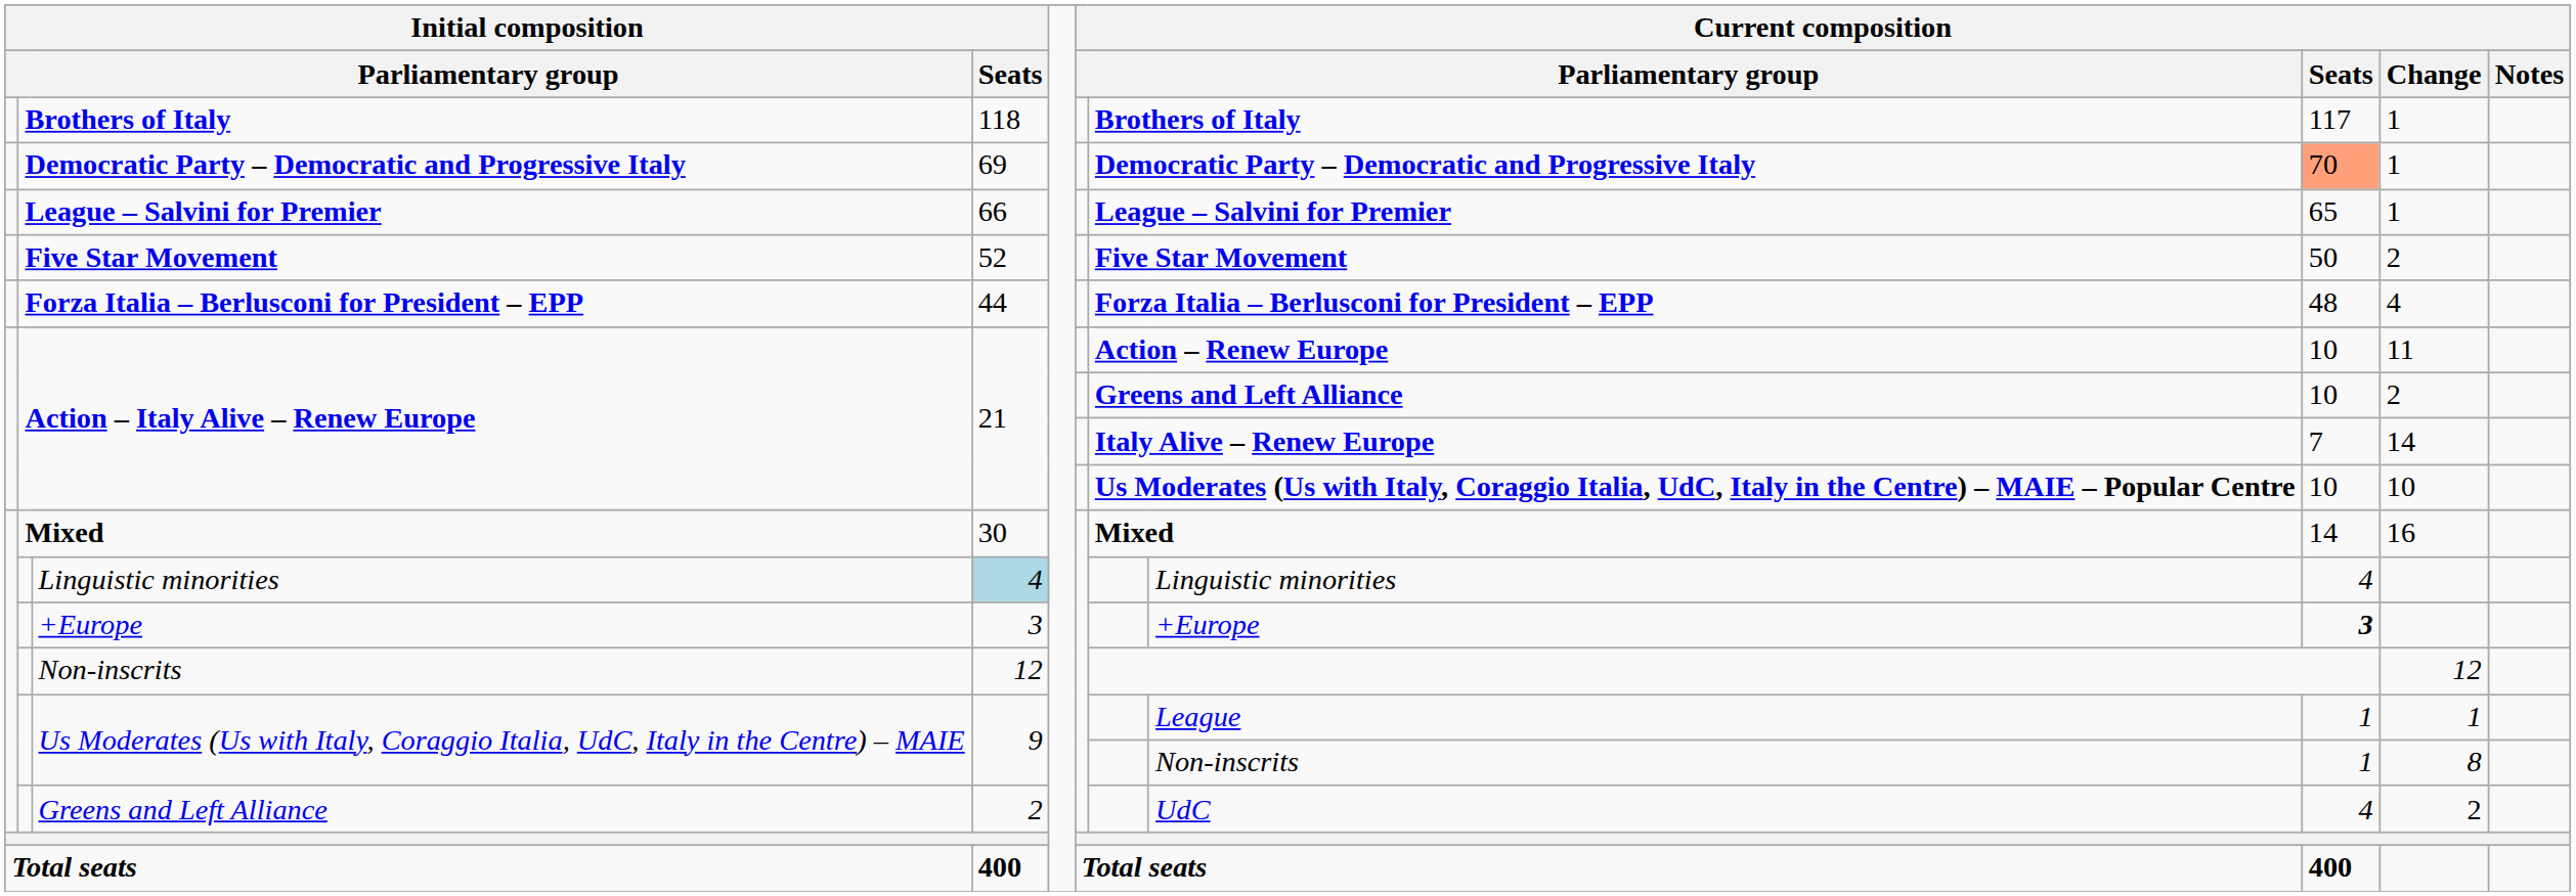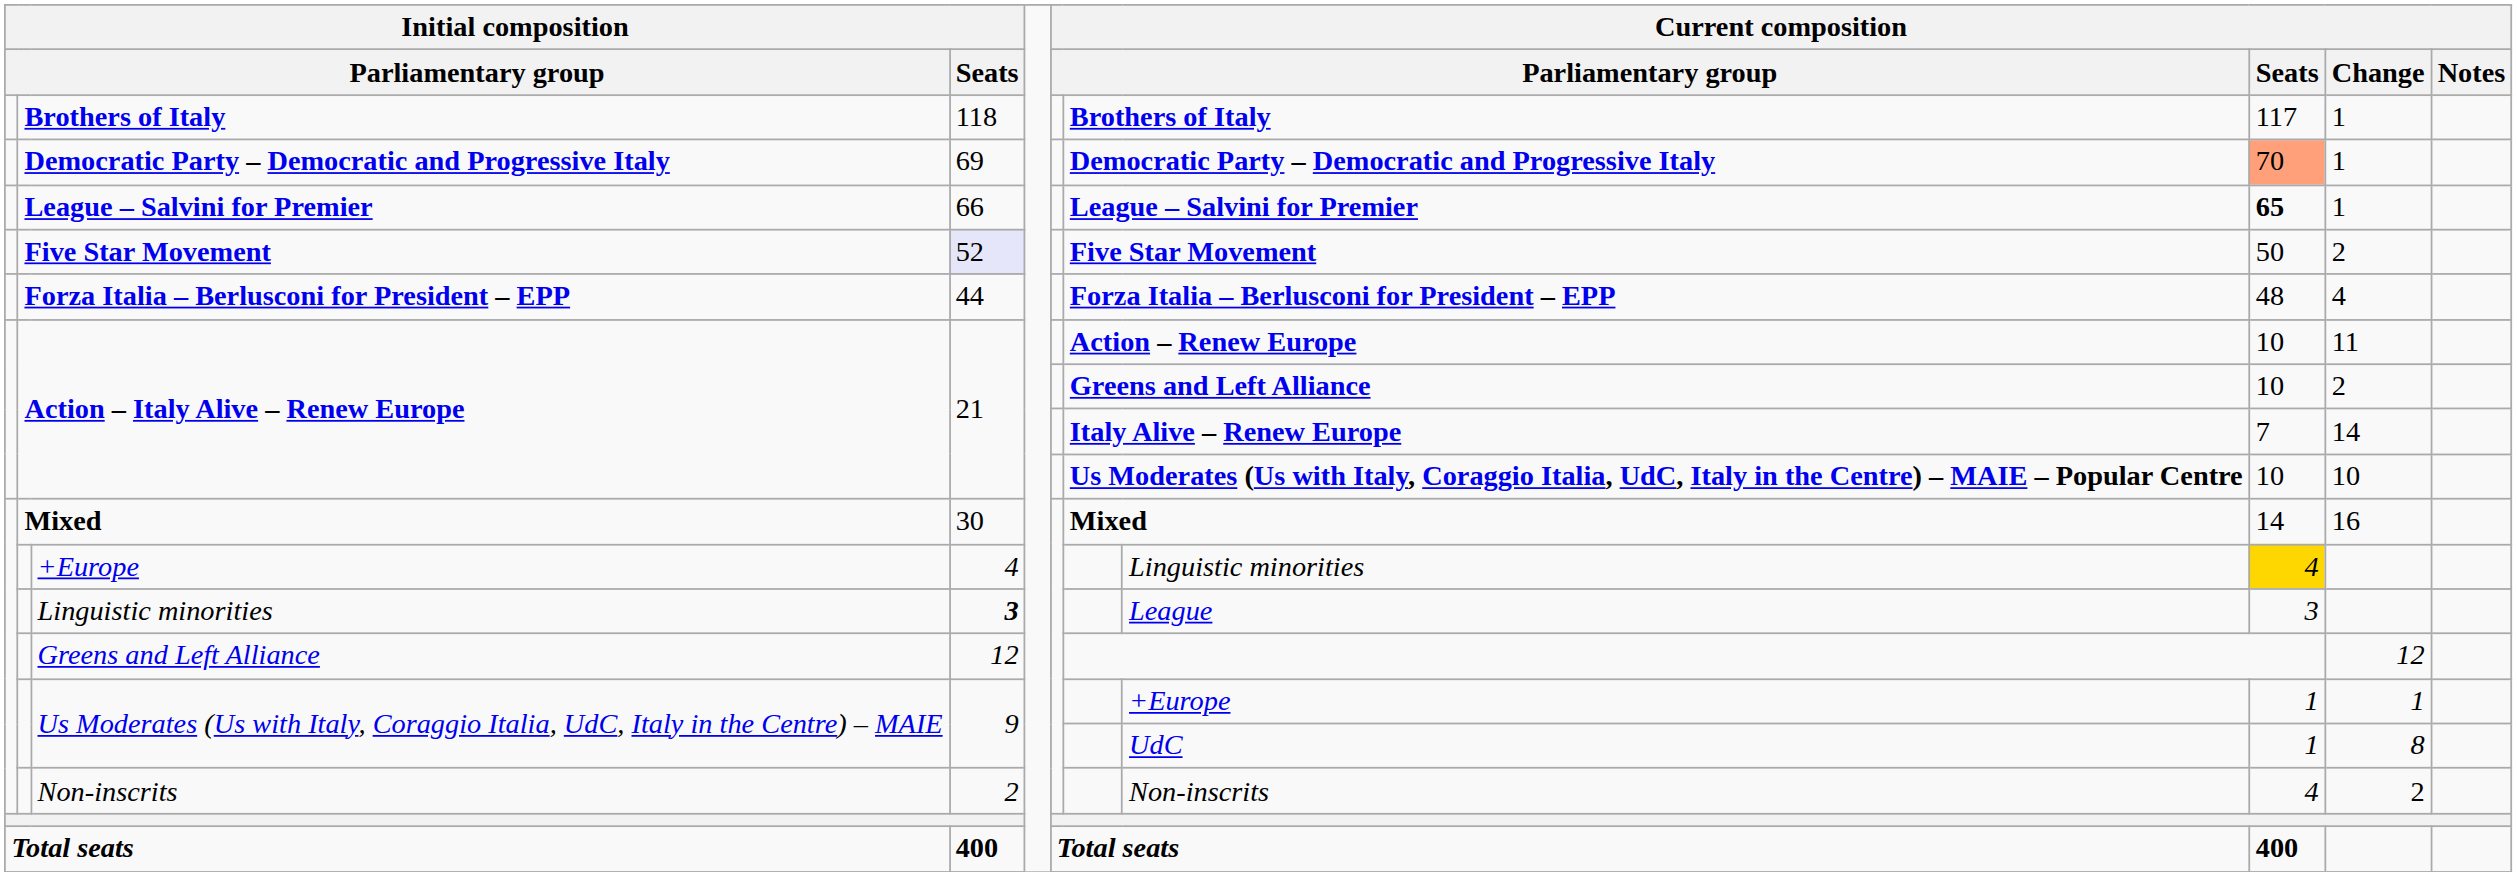 <table class="wikitable">
 <tr>
 <th colspan="4">Initial composition</th>
 <td rowspan="21" style="width: 1%;"></td>
 <th colspan="7">Current composition</th>
 </tr>
 <tr>
 <th colspan="3">Parliamentary group</th>
 <th>Seats</th>
 <th colspan="3">Parliamentary group</th>
 <th>Seats</th>
 <th>Change</th>
 <th>Notes</th>
 </tr>
 <tr>
 <td></td>
 <td colspan = "2"><strong><a href='#'>Brothers of Italy</a></strong></td>
 <td>118</td>
 <td></td>
 <td colspan = "2"><strong><a href='#'>Brothers of Italy</a></strong></td>
 <td>117</td>
 <td> 1</td>
 <td></td>
 </tr>
 <tr>
 <td></td>
 <td colspan = "2"><strong><a href='#'>Democratic Party</a> – <a href='#'>Democratic and Progressive Italy</a></strong></td>
 <td>69</td>
 <td></td>
 <td colspan = "2"><strong><a href='#'>Democratic Party</a> – <a href='#'>Democratic and Progressive Italy</a></strong></td>
 <td style="background: lightsalmon;">70</td>
 <td> 1</td>
 <td></td>
 </tr>
 <tr>
 <td></td>
 <td colspan = "2"><strong><a href='#'>League – Salvini for Premier</a></strong></td>
 <td>66</td>
 <td></td>
 <td colspan = "2"><strong><a href='#'>League – Salvini for Premier</a></strong></td>
-<td>65</td>
+<td><strong>65</strong></td>
 <td> 1</td>
 <td></td>
 </tr>
 <tr>
 <td></td>
 <td colspan = "2"><strong><a href='#'>Five Star Movement</a></strong></td>
-<td>52</td>
+<td style="background: lavender;">52</td>
 <td></td>
 <td colspan = "2"><strong><a href='#'>Five Star Movement</a></strong></td>
 <td>50</td>
 <td> 2</td>
 <td></td>
 </tr>
 <tr>
 <td></td>
 <td colspan = "2"><strong><a href='#'>Forza Italia – Berlusconi for President</a> – <a href='#'>EPP</a></strong></td>
 <td>44</td>
 <td></td>
 <td colspan = "2"><strong><a href='#'>Forza Italia – Berlusconi for President</a> – <a href='#'>EPP</a></strong></td>
 <td>48</td>
 <td> 4</td>
 <td></td>
 </tr>
 <tr>
 <td rowspan="4"></td>
 <td rowspan="4" colspan = "2"><strong><a href='#'>Action</a> – <a href='#'>Italy Alive</a> – <a href='#'>Renew Europe</a></strong></td>
 <td rowspan="4">21</td>
 <td></td>
 <td colspan = "2"><strong><a href='#'>Action</a> – <a href='#'>Renew Europe</a></strong></td>
 <td>10</td>
 <td> 11</td>
 <td></td>
 </tr>
 <tr>
 <td></td>
 <td colspan = "2"><strong><a href='#'>Greens and Left Alliance</a></strong></td>
 <td>10</td>
 <td> 2</td>
 <td></td>
 </tr>
 <tr>
 <td></td>
 <td colspan = "2"><strong><a href='#'>Italy Alive</a> – <a href='#'>Renew Europe</a></strong></td>
 <td>7</td>
 <td> 14</td>
 <td></td>
 </tr>
 <tr>
 <td></td>
 <td colspan = "2"><strong><a href='#'>Us Moderates</a> (<a href='#'>Us with Italy</a>, <a href='#'>Coraggio Italia</a>, <a href='#'>UdC</a>, <a href='#'>Italy in the Centre</a>) – <a href='#'>MAIE</a> – Popular Centre</strong></td>
 <td>10</td>
 <td> 10</td>
 <td></td>
 </tr>
 <tr>
 <td rowspan=7></td>
 <td colspan = "2"><strong>Mixed</strong></td>
 <td>30</td>
 <td rowspan=7></td>
 <td colspan = "2"><strong>Mixed</strong></td>
 <td>14</td>
 <td> 16</td>
 <td></td>
 </tr>
 <tr>
 <td></td>
-<td><em>Linguistic minorities</em></td>
-<td align="right" style="background: lightblue;"><em>4</em></td>
+<td><em><a href='#'>+Europe</a></em></td>
+<td align="right"><em>4</em></td>
 <td></td>
 <td><em>Linguistic minorities</em></td>
-<td align="right"><em>4</em></td>
+<td align="right" style="background: gold;"><em>4</em></td>
 <td align="right"></td>
 <td></td>
 </tr>
 <tr>
 <td></td>
-<td><em><a href='#'>+Europe</a></em></td>
+<td><em>Linguistic minorities</em></td>
+<td align="right"><strong><em>3</em></strong></td>
+<td></td>
+<td><em><a href='#'>League</a></em></td>
 <td align="right"><em>3</em></td>
-<td></td>
-<td><em><a href='#'>+Europe</a></em></td>
-<td align="right"><strong><em>3</em></strong></td>
 <td align="right"></td>
 <td></td>
 </tr>
 <tr>
 <td></td>
-<td><em>Non-inscrits</em></td>
+<td><em><a href='#'>Greens and Left Alliance</a></em></td>
 <td align="right"><em>12</em></td>
 <td colspan="3"></td>
 <td align="right"> <em>12</em></td>
 <td></td>
 </tr>
 <tr>
 <td rowspan="2"></td>
 <td rowspan="2"><em><a href='#'>Us Moderates</a> (<a href='#'>Us with Italy</a>, <a href='#'>Coraggio Italia</a>, <a href='#'>UdC</a>, <a href='#'>Italy in the Centre</a>) – <a href='#'>MAIE</a></em></td>
 <td rowspan="2" align="right"><em>9</em></td>
 <td></td>
-<td><em><a href='#'>League</a></em></td>
+<td><em><a href='#'>+Europe</a></em></td>
 <td align="right"><em>1</em></td>
 <td align="right"> <em>1</em></td>
 <td></td>
 </tr>
 <tr>
 <td></td>
-<td><em>Non-inscrits</em></td>
+<td><em><a href='#'>UdC</a></em></td>
 <td align="right"><em>1</em></td>
 <td align="right"> <em>8</em></td>
 <td></td>
 </tr>
 <tr>
 <td></td>
-<td><em><a href='#'>Greens and Left Alliance</a></em></td>
+<td><em>Non-inscrits</em></td>
 <td align="right"><em>2</em></td>
 <td></td>
-<td><em><a href='#'>UdC</a></em></td>
+<td><em>Non-inscrits</em></td>
 <td align="right"><em>4</em></td>
 <td align="right"> 2</td>
 <td></td>
 </tr>
 <tr>
 <th colspan="4"></th>
 <th colspan="6"></th>
 </tr>
 <tr>
 <td colspan="3"><strong><em>Total seats</em></strong></td>
 <td><strong>400</strong></td>
 <td colspan="3"><strong><em>Total seats</em></strong></td>
 <td><strong>400</strong></td>
 <td></td>
 <td></td>
 </tr>
 <tr>
 </tr>
 </table>
